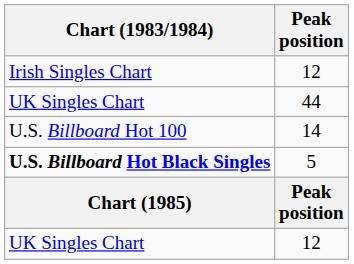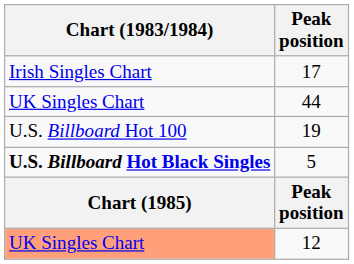 <table class="wikitable">
 <tr>
 <th>Chart (1983/1984)</th>
 <th>Peak<br>position</th>
 </tr>
 <tr>
 <td><a href='#'>Irish Singles Chart</a></td>
-<td align="center">12</td>
+<td align="center">17</td>
 </tr>
 <tr>
 <td><a href='#'>UK Singles Chart</a></td>
 <td align="center">44</td>
 </tr>
 <tr>
 <td>U.S. <a href='#'><em>Billboard</em> Hot 100</a></td>
-<td align="center">14</td>
+<td align="center">19</td>
 </tr>
 <tr>
 <td><strong>U.S. <em>Billboard</em> <a href='#'>Hot Black Singles</a></strong></td>
 <td align="center">5</td>
 </tr>
 <tr>
 <th>Chart (1985)</th>
 <th>Peak<br>position</th>
 </tr>
 <tr>
-<td><a href='#'>UK Singles Chart</a></td>
+<td style="background: lightsalmon;"><a href='#'>UK Singles Chart</a></td>
 <td align="center">12</td>
 </tr>
 </table>
